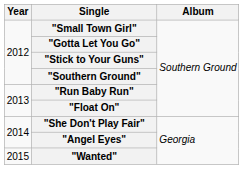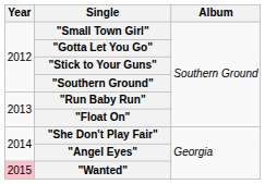 <table class="wikitable plainrowheaders">
 <tr>
 <th>Year</th>
 <th style="width:12em;">Single</th>
 <th>Album</th>
 </tr>
 <tr>
 <td rowspan="4">2012</td>
 <th scope="row">"Small Town Girl"</th>
 <td rowspan="6"><em>Southern Ground</em></td>
 </tr>
 <tr>
 <th scope="row">"Gotta Let You Go"</th>
 </tr>
 <tr>
 <th scope="row">"Stick to Your Guns"</th>
 </tr>
 <tr>
 <th scope="row">"Southern Ground"</th>
 </tr>
 <tr>
 <td rowspan="2">2013</td>
 <th scope="row">"Run Baby Run"</th>
 </tr>
 <tr>
 <th scope="row">"Float On"</th>
 </tr>
 <tr>
 <td rowspan="2">2014</td>
 <th scope="row">"She Don't Play Fair"</th>
 <td rowspan="3"><em>Georgia</em></td>
 </tr>
 <tr>
 <th scope="row">"Angel Eyes"</th>
 </tr>
 <tr>
-<td>2015</td>
+<td style="background: pink;">2015</td>
 <th scope="row">"Wanted"</th>
 </tr>
 </table>
